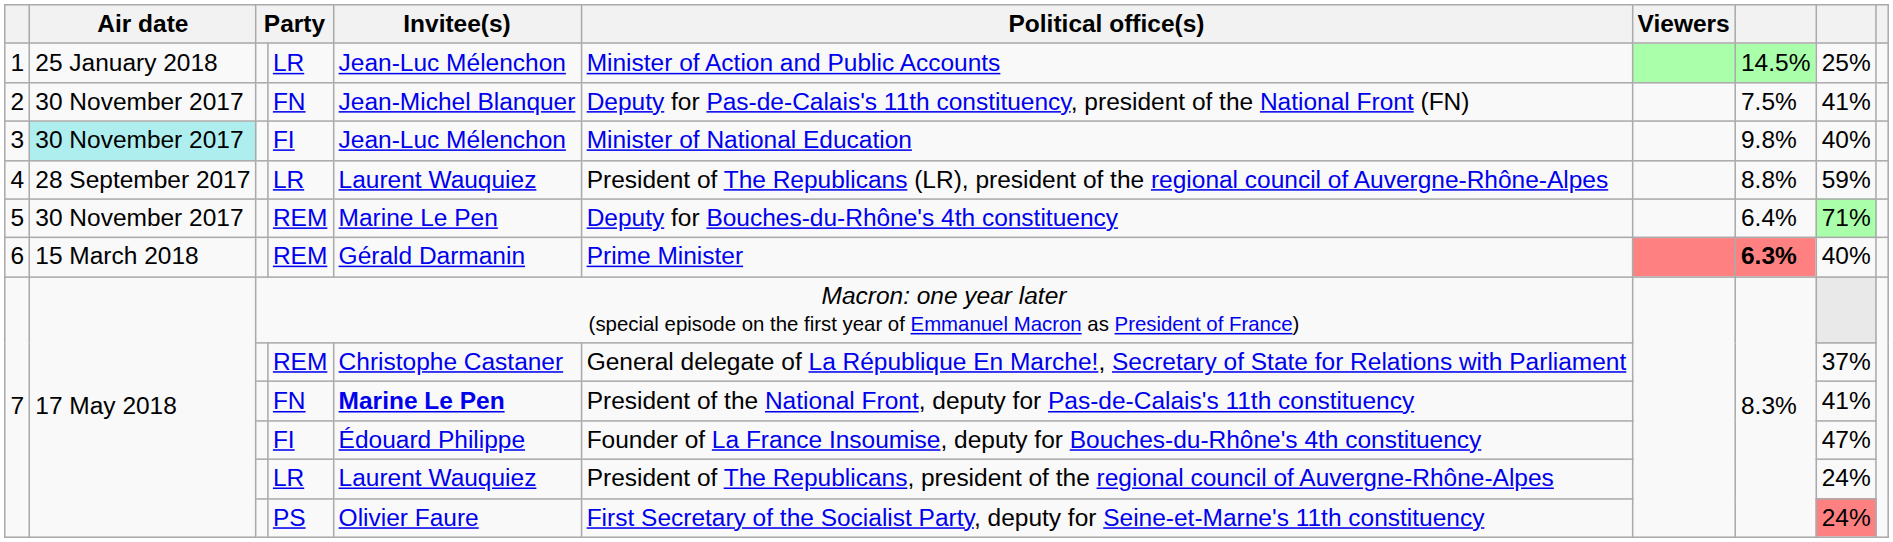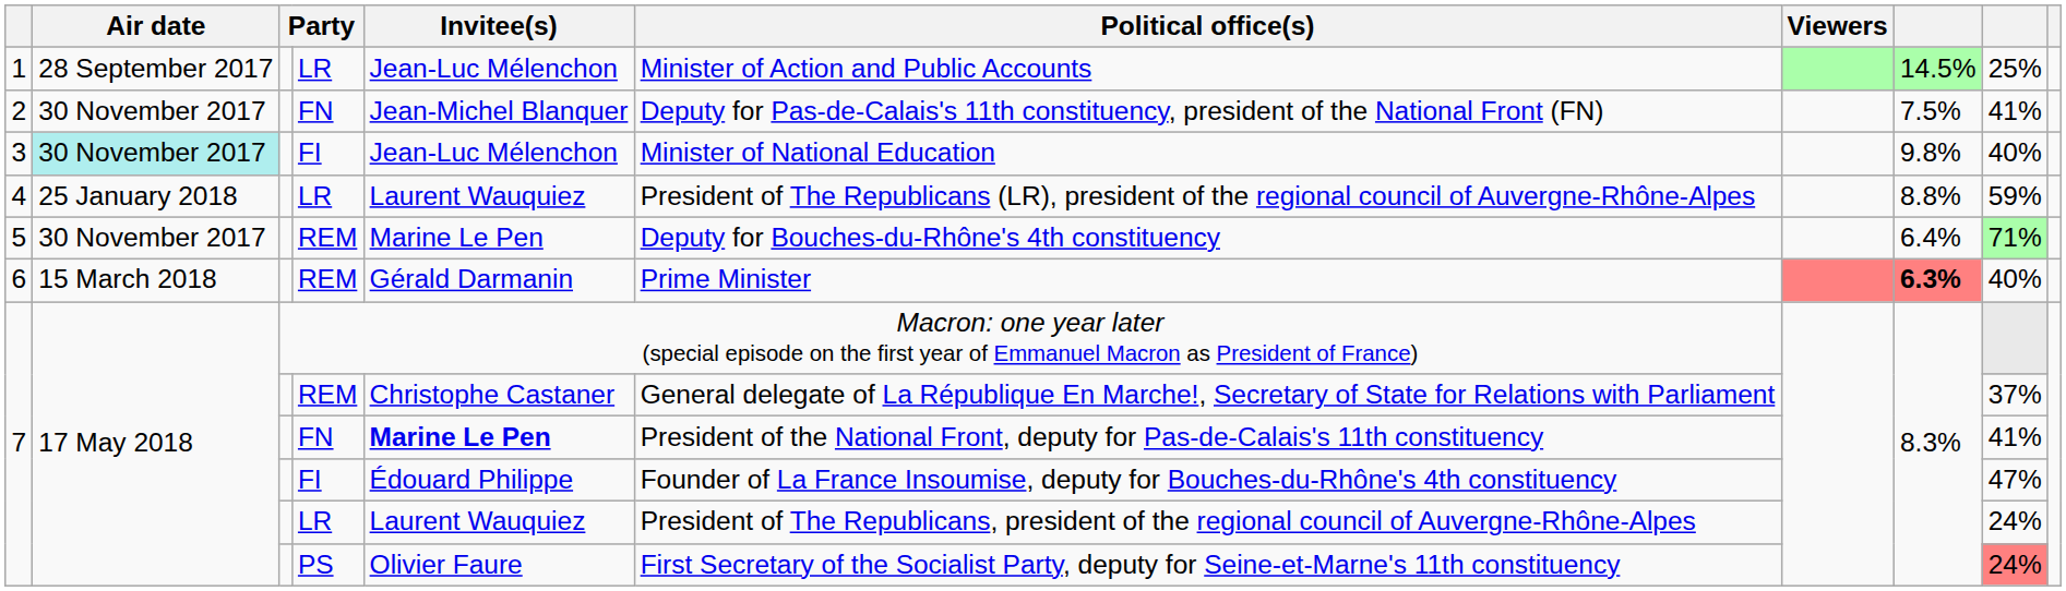 <table class="wikitable" style="font-size:100%;">
 <tr>
 <th></th>
 <th>Air date</th>
 <th colspan=2>Party</th>
 <th>Invitee(s)</th>
 <th>Political office(s)</th>
 <th>Viewers</th>
 <th></th>
 <th></th>
 <th></th>
 </tr>
 <tr>
 <td align="center">1</td>
-<td>25 January 2018</td>
+<td>28 September 2017</td>
 <td style="background-color:"></td>
 <td><a href='#'>LR</a></td>
 <td><a href='#'>Jean-Luc Mélenchon</a></td>
 <td><a href='#'>Minister of Action and Public Accounts</a></td>
 <td bgcolor="#aaffaa"></td>
 <td bgcolor="#aaffaa">14.5%</td>
 <td>25%</td>
 <td></td>
 </tr>
 <tr>
 <td align="center">2</td>
 <td>30 November 2017</td>
 <td style="background-color:"></td>
 <td><a href='#'>FN</a></td>
 <td><a href='#'>Jean-Michel Blanquer</a></td>
 <td><a href='#'>Deputy</a> for <a href='#'>Pas-de-Calais's 11th constituency</a>, president of the <a href='#'>National Front</a> (FN)</td>
 <td></td>
 <td>7.5%</td>
 <td>41%</td>
 <td></td>
 </tr>
 <tr>
 <td align="center">3</td>
 <td style="background: paleturquoise;">30 November 2017</td>
 <td style="background-color:"></td>
 <td><a href='#'>FI</a></td>
 <td><a href='#'>Jean-Luc Mélenchon</a></td>
 <td><a href='#'>Minister of National Education</a></td>
 <td></td>
 <td>9.8%</td>
 <td>40%</td>
 <td></td>
 </tr>
 <tr>
 <td align="center">4</td>
-<td>28 September 2017</td>
+<td>25 January 2018</td>
 <td style="background-color:"></td>
 <td><a href='#'>LR</a></td>
 <td><a href='#'>Laurent Wauquiez</a></td>
 <td>President of <a href='#'>The Republicans</a> (LR), president of the <a href='#'>regional council of Auvergne-Rhône-Alpes</a></td>
 <td></td>
 <td>8.8%</td>
 <td>59%</td>
 <td></td>
 </tr>
 <tr>
 <td align="center">5</td>
 <td>30 November 2017</td>
 <td style="background-color:"></td>
 <td><a href='#'>REM</a></td>
 <td><a href='#'>Marine Le Pen</a></td>
 <td><a href='#'>Deputy</a> for <a href='#'>Bouches-du-Rhône's 4th constituency</a></td>
 <td></td>
 <td>6.4%</td>
 <td bgcolor="#aaffaa">71%</td>
 <td></td>
 </tr>
 <tr>
 <td align="center">6</td>
 <td>15 March 2018</td>
 <td style="background-color:"></td>
 <td><a href='#'>REM</a></td>
 <td><a href='#'>Gérald Darmanin</a></td>
 <td><a href='#'>Prime Minister</a></td>
 <td bgcolor="#ff8080"></td>
 <td bgcolor="#ff8080"><strong>6.3%</strong></td>
 <td>40%</td>
 <td></td>
 </tr>
 <tr>
 <td align="center" rowspan="6">7</td>
 <td rowspan="6">17 May 2018</td>
 <td align="center" colspan="4"><em>Macron: one year later</em><br><small>(special episode on the first year of <a href='#'>Emmanuel Macron</a> as <a href='#'>President of France</a>)</small></td>
 <td rowspan="6"></td>
 <td rowspan="6">8.3%</td>
 <td style="background-color:#E9E9E9;"></td>
 <td rowspan="6"></td>
 </tr>
 <tr>
 <td style="background-color:"></td>
 <td><a href='#'>REM</a></td>
 <td><a href='#'>Christophe Castaner</a></td>
 <td>General delegate of <a href='#'>La République En Marche!</a>, <a href='#'>Secretary of State for Relations with Parliament</a></td>
 <td>37%</td>
 </tr>
 <tr>
 <td style="background-color:"></td>
 <td><a href='#'>FN</a></td>
 <td><strong><a href='#'>Marine Le Pen</a></strong></td>
 <td>President of the <a href='#'>National Front</a>, deputy for <a href='#'>Pas-de-Calais's 11th constituency</a></td>
 <td>41%</td>
 </tr>
 <tr>
 <td style="background-color:"></td>
 <td><a href='#'>FI</a></td>
 <td><a href='#'>Édouard Philippe</a></td>
 <td>Founder of <a href='#'>La France Insoumise</a>, deputy for <a href='#'>Bouches-du-Rhône's 4th constituency</a></td>
 <td>47%</td>
 </tr>
 <tr>
 <td style="background-color:"></td>
 <td><a href='#'>LR</a></td>
 <td><a href='#'>Laurent Wauquiez</a></td>
 <td>President of <a href='#'>The Republicans</a>, president of the <a href='#'>regional council of Auvergne-Rhône-Alpes</a></td>
 <td>24%</td>
 </tr>
 <tr>
 <td style="background-color:"></td>
 <td><a href='#'>PS</a></td>
 <td><a href='#'>Olivier Faure</a></td>
 <td><a href='#'>First Secretary of the Socialist Party</a>, deputy for <a href='#'>Seine-et-Marne's 11th constituency</a></td>
 <td bgcolor="#ff8080">24%</td>
 </tr>
 </table>
